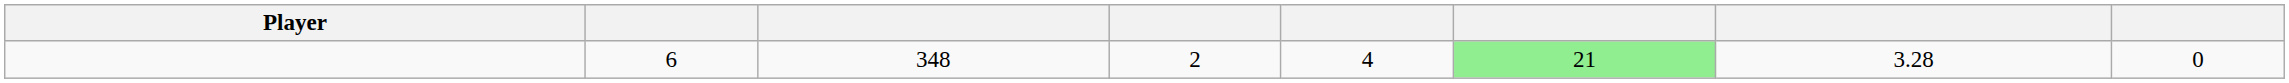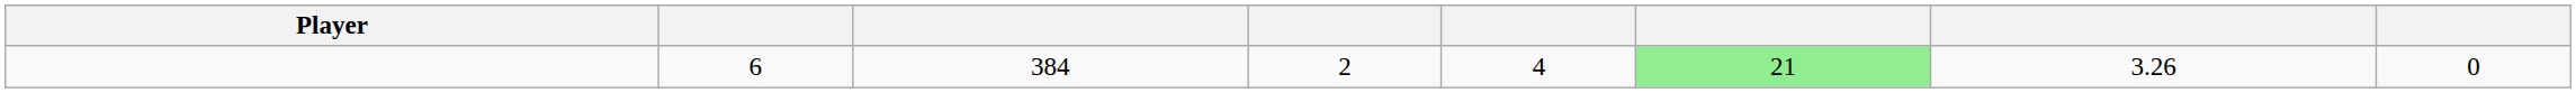 <table class="wikitable sortable" style="width:100%;">
 <tr style="text-align:center; background:#ddd;">
 <th>Player</th>
 <th></th>
 <th></th>
 <th></th>
 <th></th>
 <th></th>
 <th></th>
 <th></th>
 </tr>
 <tr align=center>
 <td></td>
 <td>6</td>
-<td>348</td>
+<td>384</td>
 <td>2</td>
 <td>4</td>
 <td style="background: lightgreen;">21</td>
-<td>3.28</td>
+<td>3.26</td>
 <td>0</td>
 </tr>
 </table>
